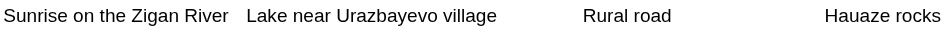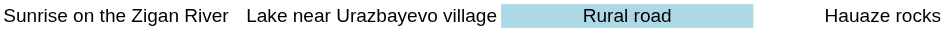 <table class="graytable" style="text-align:center">
 <tr>
 <td width="25%"></td>
 <td width="25%"></td>
 <td width="25%"></td>
 <td width="25%"></td>
 </tr>
 <tr>
 <td>Sunrise on the Zigan River</td>
 <td>Lake near Urazbayevo village</td>
-<td>Rural road</td>
+<td style="background: lightblue;">Rural road</td>
 <td>Hauaze rocks</td>
 </tr>
 </table>
